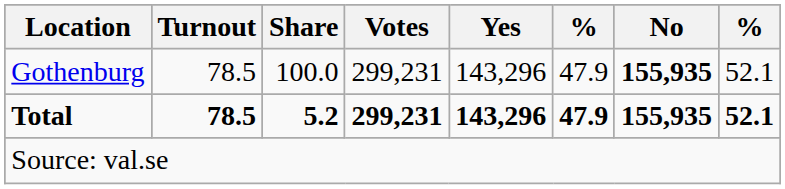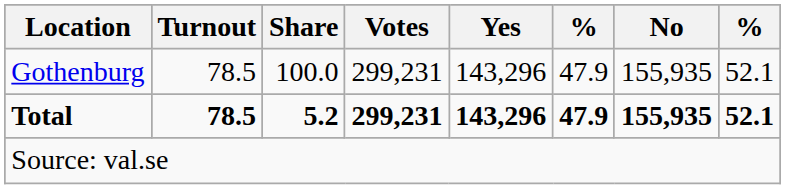 <table class="wikitable sortable" style=text-align:right>
 <tr>
 <th>Location</th>
 <th>Turnout</th>
 <th>Share</th>
 <th>Votes</th>
 <th>Yes</th>
 <th>%</th>
 <th>No</th>
 <th>%</th>
 </tr>
 <tr>
 <td align=left><a href='#'>Gothenburg</a></td>
 <td>78.5</td>
 <td>100.0</td>
 <td>299,231</td>
 <td>143,296</td>
 <td>47.9</td>
-<td><strong>155,935</strong></td>
+<td>155,935</td>
 <td>52.1</td>
 </tr>
 <tr>
 <td align=left><strong>Total</strong></td>
 <td><strong>78.5</strong></td>
 <td><strong>5.2</strong></td>
 <td><strong>299,231</strong></td>
 <td><strong>143,296</strong></td>
 <td><strong>47.9</strong></td>
 <td><strong>155,935</strong></td>
 <td><strong>52.1</strong></td>
 </tr>
 <tr>
 <td align=left colspan=8>Source: val.se </td>
 </tr>
 </table>
